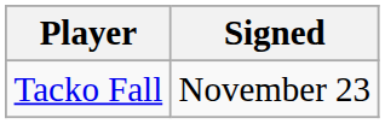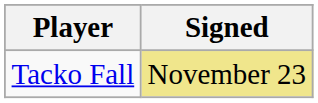 <table class="wikitable sortable sortable" style="text-align: center">
 <tr>
 <th>Player</th>
 <th>Signed</th>
 </tr>
 <tr>
 <td><a href='#'>Tacko Fall</a></td>
-<td>November 23</td>
+<td style="background: khaki;">November 23</td>
 </tr>
 </table>
